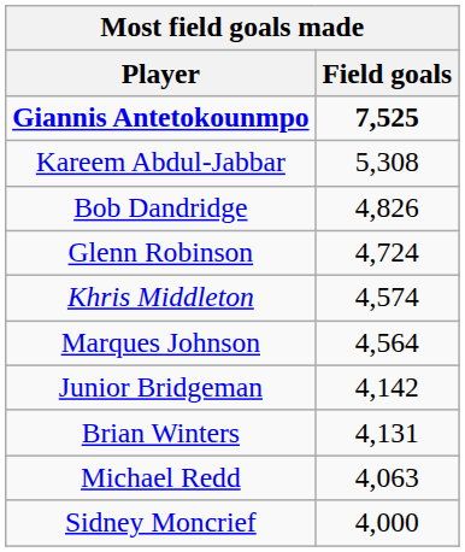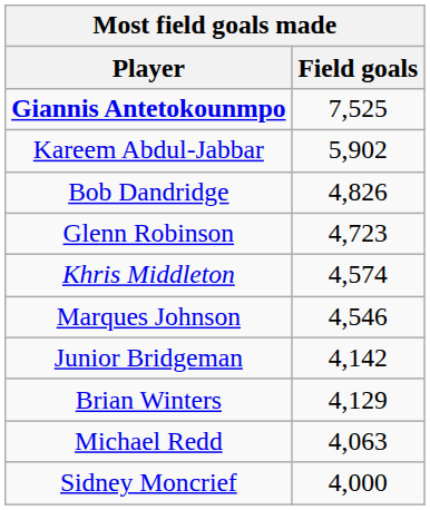 <table class="wikitable sortable" style="text-align:center">
 <tr>
 <th colspan="5">Most field goals made</th>
 </tr>
 <tr>
 <th>Player</th>
 <th>Field goals</th>
 </tr>
 <tr>
 <td><strong><a href='#'>Giannis Antetokounmpo</a></strong></td>
-<td><strong>7,525</strong></td>
+<td>7,525</td>
 </tr>
 <tr>
 <td><a href='#'>Kareem Abdul-Jabbar</a></td>
-<td>5,308</td>
+<td>5,902</td>
 </tr>
 <tr>
 <td><a href='#'>Bob Dandridge</a></td>
 <td>4,826</td>
 </tr>
 <tr>
 <td><a href='#'>Glenn Robinson</a></td>
-<td>4,724</td>
+<td>4,723</td>
 </tr>
 <tr>
 <td><em><a href='#'>Khris Middleton</a></em></td>
 <td>4,574</td>
 </tr>
 <tr>
 <td><a href='#'>Marques Johnson</a></td>
-<td>4,564</td>
+<td>4,546</td>
 </tr>
 <tr>
 <td><a href='#'>Junior Bridgeman</a></td>
 <td>4,142</td>
 </tr>
 <tr>
 <td><a href='#'>Brian Winters</a></td>
-<td>4,131</td>
+<td>4,129</td>
 </tr>
 <tr>
 <td><a href='#'>Michael Redd</a></td>
 <td>4,063</td>
 </tr>
 <tr>
 <td><a href='#'>Sidney Moncrief</a></td>
 <td>4,000</td>
 </tr>
 </table>
